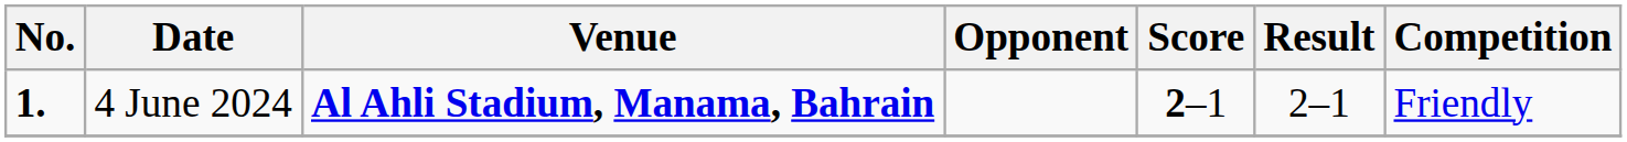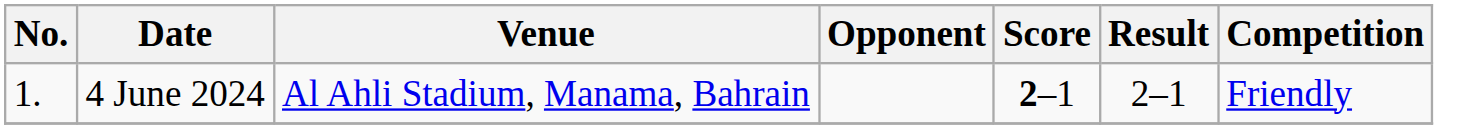 <table class="wikitable">
 <tr>
 <th>No.</th>
 <th>Date</th>
 <th>Venue</th>
 <th>Opponent</th>
 <th>Score</th>
 <th>Result</th>
 <th>Competition</th>
 </tr>
 <tr>
-<td><strong>1.</strong></td>
+<td>1.</td>
 <td>4 June 2024</td>
-<td><strong><a href='#'>Al Ahli Stadium</a>, <a href='#'>Manama</a>, <a href='#'>Bahrain</a></strong></td>
+<td><a href='#'>Al Ahli Stadium</a>, <a href='#'>Manama</a>, <a href='#'>Bahrain</a></td>
 <td></td>
 <td align=center><strong>2</strong>–1</td>
 <td align=center>2–1</td>
 <td><a href='#'>Friendly</a></td>
 </tr>
 <tr>
 </tr>
 </table>
